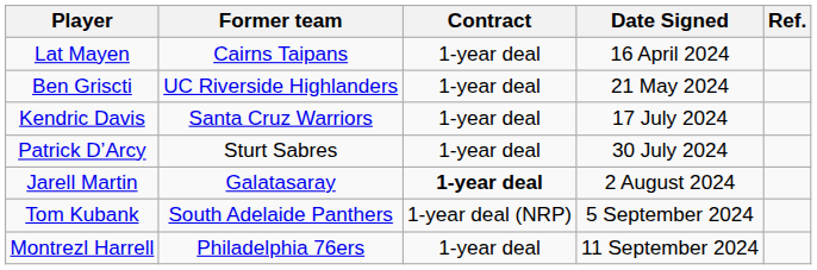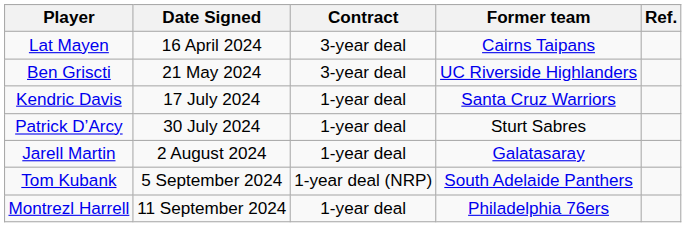 <table class="wikitable sortable sortable" style="text-align: center">
 <tr>
 <th>Player</th>
+<th>Date Signed</th>
+<th>Contract</th>
 <th>Former team</th>
-<th>Contract</th>
-<th>Date Signed</th>
 <th>Ref.</th>
 </tr>
 <tr>
 <td><a href='#'>Lat Mayen</a></td>
+<td>16 April 2024</td>
+<td>3-year deal</td>
 <td><a href='#'>Cairns Taipans</a></td>
-<td>1-year deal</td>
-<td>16 April 2024</td>
 <td></td>
 </tr>
 <tr>
 <td><a href='#'>Ben Griscti</a></td>
+<td>21 May 2024</td>
+<td>3-year deal</td>
 <td><a href='#'>UC Riverside Highlanders</a></td>
-<td>1-year deal</td>
-<td>21 May 2024</td>
 <td></td>
 </tr>
 <tr>
 <td><a href='#'>Kendric Davis</a></td>
+<td>17 July 2024</td>
+<td>1-year deal</td>
 <td><a href='#'>Santa Cruz Warriors</a></td>
-<td>1-year deal</td>
-<td>17 July 2024</td>
 <td></td>
 </tr>
 <tr>
 <td><a href='#'>Patrick D’Arcy</a></td>
+<td>30 July 2024</td>
+<td>1-year deal</td>
 <td>Sturt Sabres</td>
-<td>1-year deal</td>
-<td>30 July 2024</td>
 <td></td>
 </tr>
 <tr>
 <td><a href='#'>Jarell Martin</a></td>
+<td>2 August 2024</td>
+<td>1-year deal</td>
 <td><a href='#'>Galatasaray</a></td>
-<td><strong>1-year deal</strong></td>
-<td>2 August 2024</td>
 <td></td>
 </tr>
 <tr>
 <td><a href='#'>Tom Kubank</a></td>
+<td>5 September 2024</td>
+<td>1-year deal (NRP)</td>
 <td><a href='#'>South Adelaide Panthers</a></td>
-<td>1-year deal (NRP)</td>
-<td>5 September 2024</td>
 <td></td>
 </tr>
 <tr>
 <td><a href='#'>Montrezl Harrell</a></td>
+<td>11 September 2024</td>
+<td>1-year deal</td>
 <td><a href='#'>Philadelphia 76ers</a></td>
-<td>1-year deal</td>
-<td>11 September 2024</td>
 <td></td>
 </tr>
 </table>
